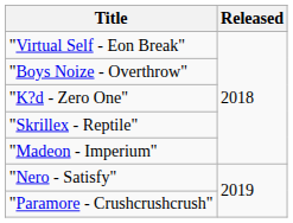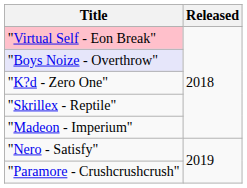 <table class="wikitable plainrowheaders">
 <tr>
 <th>Title</th>
 <th>Released</th>
 </tr>
 <tr>
-<td>"<a href='#'>Virtual Self</a> - Eon Break"</td>
+<td style="background: pink;">"<a href='#'>Virtual Self</a> - Eon Break"</td>
 <td rowspan="5">2018</td>
 </tr>
 <tr>
-<td>"<a href='#'>Boys Noize</a> - Overthrow"</td>
+<td style="background: lavender;">"<a href='#'>Boys Noize</a> - Overthrow"</td>
 </tr>
 <tr>
 <td>"<a href='#'>K?d</a> - Zero One"</td>
 </tr>
 <tr>
 <td>"<a href='#'>Skrillex</a> - Reptile"</td>
 </tr>
 <tr>
 <td>"<a href='#'>Madeon</a> - Imperium"</td>
 </tr>
 <tr>
 <td>"<a href='#'>Nero</a> - Satisfy"</td>
 <td rowspan="2">2019</td>
 </tr>
 <tr>
 <td>"<a href='#'>Paramore</a> - Crushcrushcrush"</td>
 </tr>
 </table>
